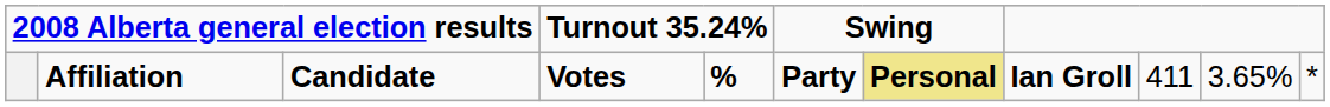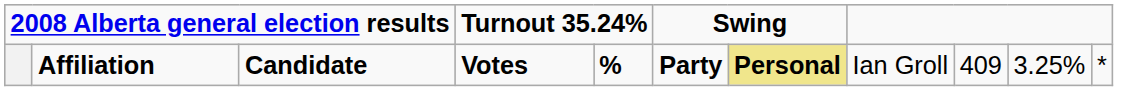 <table class="wikitable">
 <tr>
 <td colspan="3" align=center><strong><a href='#'>2008 Alberta general election</a> results</strong></td>
 <td colspan="2"><strong>Turnout 35.24%</strong></td>
 <td colspan="2" align=center><strong>Swing</strong></td>
 </tr>
 <tr>
 <th style="width: 10px;"></th>
 <td><strong>Affiliation</strong></td>
 <td><strong>Candidate</strong></td>
 <td><strong>Votes</strong></td>
 <td><strong>%</strong></td>
 <td><strong>Party</strong></td>
 <td style="background: khaki;"><strong>Personal</strong><br>   </td>
-<td><strong>Ian Groll</strong></td>
-<td>411</td>
-<td>3.65%</td>
+<td>Ian Groll</td>
+<td>409</td>
+<td>3.25%</td>
 <td colspan=2 align=center>*<br>    </td>
 </tr>
 </table>
